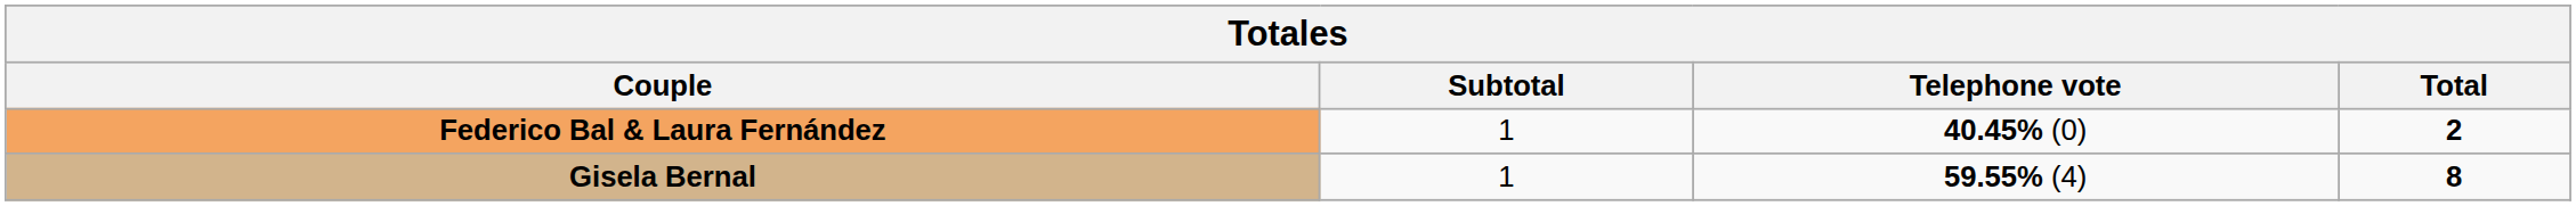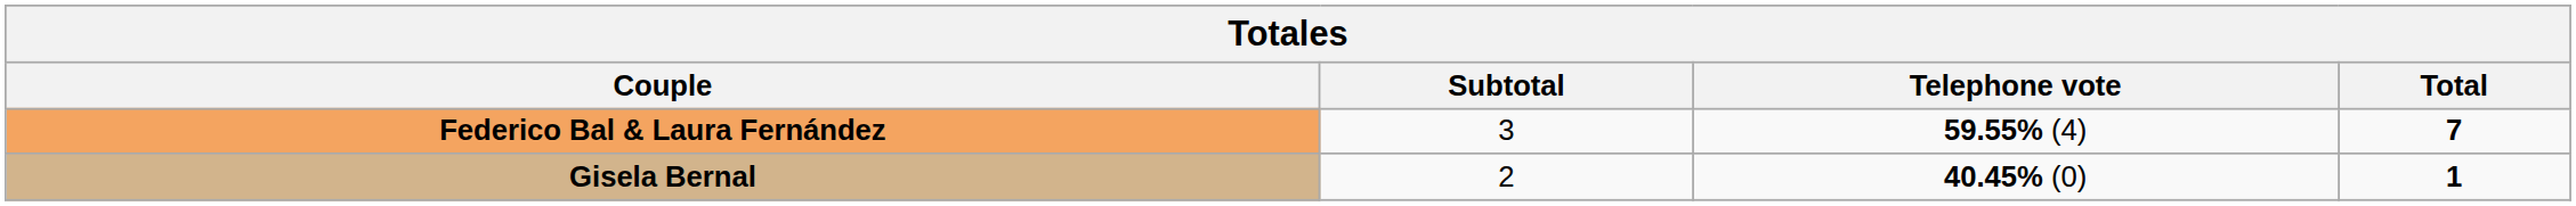 <table class="wikitable collapsible collapsed" style="font-size:90%; text-align: center; width: 100%;">
 <tr>
 <th colspan="11" style="with: 95%;" align=center><big>Totales</big></th>
 </tr>
 <tr>
 <th>Couple</th>
 <th>Subtotal</th>
 <th>Telephone vote</th>
 <th>Total</th>
 </tr>
 <tr>
 <td bgcolor="sandybrown"><strong>Federico Bal & Laura Fernández</strong></td>
-<td>1</td>
-<td><strong>40.45%</strong> (0)</td>
-<td><strong>2</strong></td>
+<td>3</td>
+<td><strong>59.55%</strong> (4)</td>
+<td><strong>7</strong></td>
 </tr>
 <tr>
 <td bgcolor="tan"><strong>Gisela Bernal</strong></td>
-<td>1</td>
-<td><strong>59.55%</strong> (4)</td>
-<td><strong>8</strong></td>
+<td>2</td>
+<td><strong>40.45%</strong> (0)</td>
+<td><strong>1</strong></td>
 </tr>
 </table>
